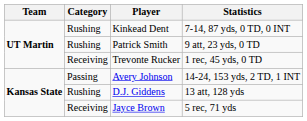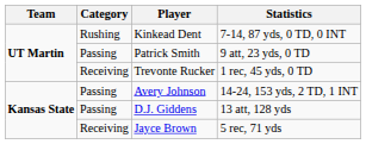 <table class="wikitable" style="float: right;">
 <tr>
 <th>Team</th>
 <th>Category</th>
 <th>Player</th>
 <th>Statistics</th>
 </tr>
 <tr>
 <td rowspan=3><strong>UT Martin</strong></td>
 <td>Rushing</td>
 <td>Kinkead Dent</td>
 <td>7-14, 87 yds, 0 TD, 0 INT</td>
 </tr>
 <tr>
-<td>Rushing</td>
+<td>Passing</td>
 <td>Patrick Smith</td>
 <td>9 att, 23 yds, 0 TD</td>
 </tr>
 <tr>
 <td>Receiving</td>
 <td>Trevonte Rucker</td>
 <td>1 rec, 45 yds, 0 TD</td>
 </tr>
 <tr>
 <td rowspan=3><strong>Kansas State</strong></td>
 <td>Passing</td>
 <td><a href='#'>Avery Johnson</a></td>
 <td>14-24, 153 yds, 2 TD, 1 INT</td>
 </tr>
 <tr>
-<td>Rushing</td>
+<td>Passing</td>
 <td><a href='#'>D.J. Giddens</a></td>
 <td>13 att, 128 yds</td>
 </tr>
 <tr>
 <td>Receiving</td>
 <td><a href='#'>Jayce Brown</a></td>
 <td>5 rec, 71 yds</td>
 </tr>
 </table>
